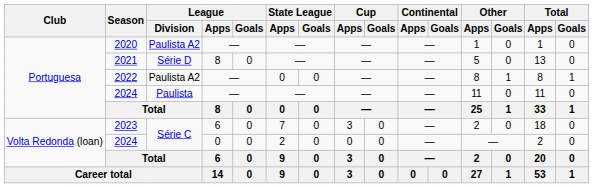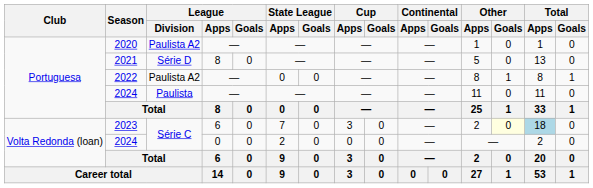 <table class="wikitable" style="text-align: center;">
 <tr>
 <th rowspan="2">Club</th>
 <th rowspan="2">Season</th>
 <th colspan="3">League</th>
 <th colspan="2">State League</th>
 <th colspan="2">Cup</th>
 <th colspan="2">Continental</th>
 <th colspan="2">Other</th>
 <th colspan="2">Total</th>
 </tr>
 <tr>
 <th>Division</th>
 <th>Apps</th>
 <th>Goals</th>
 <th>Apps</th>
 <th>Goals</th>
 <th>Apps</th>
 <th>Goals</th>
 <th>Apps</th>
 <th>Goals</th>
 <th>Apps</th>
 <th>Goals</th>
 <th>Apps</th>
 <th>Goals</th>
 </tr>
 <tr>
 <td rowspan="5" valign="center"><a href='#'>Portuguesa</a></td>
 <td><a href='#'>2020</a></td>
 <td><a href='#'>Paulista A2</a></td>
 <td colspan="2">—</td>
 <td colspan="2">—</td>
 <td colspan="2">—</td>
 <td colspan="2">—</td>
 <td>1</td>
 <td>0</td>
 <td>1</td>
 <td>0</td>
 </tr>
 <tr>
 <td><a href='#'>2021</a></td>
 <td><a href='#'>Série D</a></td>
 <td>8</td>
 <td>0</td>
 <td colspan="2">—</td>
 <td colspan="2">—</td>
 <td colspan="2">—</td>
 <td>5</td>
 <td>0</td>
 <td>13</td>
 <td>0</td>
 </tr>
 <tr>
 <td><a href='#'>2022</a></td>
 <td>Paulista A2</td>
 <td colspan="2">—</td>
 <td>0</td>
 <td>0</td>
 <td colspan="2">—</td>
 <td colspan="2">—</td>
 <td>8</td>
 <td>1</td>
 <td>8</td>
 <td>1</td>
 </tr>
 <tr>
 <td><a href='#'>2024</a></td>
 <td><a href='#'>Paulista</a></td>
 <td colspan="2">—</td>
 <td colspan="2">—</td>
 <td colspan="2">—</td>
 <td colspan="2">—</td>
 <td>11</td>
 <td>0</td>
 <td>11</td>
 <td>0</td>
 </tr>
 <tr>
 <th colspan="2">Total</th>
 <th>8</th>
 <th>0</th>
 <th>0</th>
 <th>0</th>
 <th colspan="2">—</th>
 <th colspan="2">—</th>
 <th>25</th>
 <th>1</th>
 <th>33</th>
 <th>1</th>
 </tr>
 <tr>
 <td rowspan="3" valign="center"><a href='#'>Volta Redonda</a> (loan)</td>
 <td><a href='#'>2023</a></td>
 <td rowspan="2"><a href='#'>Série C</a></td>
 <td>6</td>
 <td>0</td>
 <td>7</td>
 <td>0</td>
 <td>3</td>
 <td>0</td>
 <td colspan="2">—</td>
 <td>2</td>
-<td>0</td>
-<td>18</td>
+<td style="background: lightyellow;">0</td>
+<td style="background: lightblue;">18</td>
 <td>0</td>
 </tr>
 <tr>
 <td><a href='#'>2024</a></td>
 <td>0</td>
 <td>0</td>
 <td>2</td>
 <td>0</td>
 <td>0</td>
 <td>0</td>
 <td colspan="2">—</td>
 <td colspan="2">—</td>
 <td>2</td>
 <td>0</td>
 </tr>
 <tr>
 <th colspan="2">Total</th>
 <th>6</th>
 <th>0</th>
 <th>9</th>
 <th>0</th>
 <th>3</th>
 <th>0</th>
 <th colspan="2">—</th>
 <th>2</th>
 <th>0</th>
 <th>20</th>
 <th>0</th>
 </tr>
 <tr>
 <th colspan="3"><strong>Career total</strong></th>
 <th>14</th>
 <th>0</th>
 <th>9</th>
 <th>0</th>
 <th>3</th>
 <th>0</th>
 <th>0</th>
 <th>0</th>
 <th>27</th>
 <th>1</th>
 <th>53</th>
 <th>1</th>
 </tr>
 </table>
